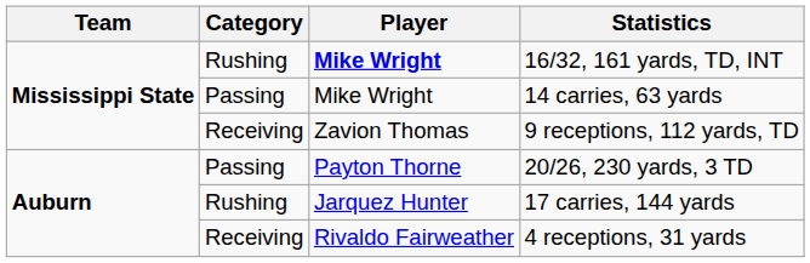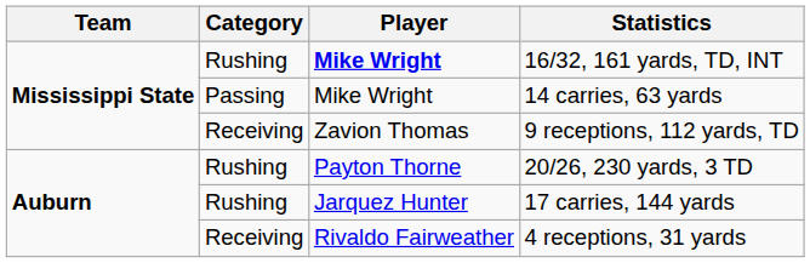 <table class="wikitable" style="float: right;">
 <tr>
 <th>Team</th>
 <th>Category</th>
 <th>Player</th>
 <th>Statistics</th>
 </tr>
 <tr>
 <td rowspan=3><strong>Mississippi State</strong></td>
 <td>Rushing</td>
 <td><strong><a href='#'>Mike Wright</a></strong></td>
 <td>16/32, 161 yards, TD, INT</td>
 </tr>
 <tr>
 <td>Passing</td>
 <td>Mike Wright</td>
 <td>14 carries, 63 yards</td>
 </tr>
 <tr>
 <td>Receiving</td>
 <td>Zavion Thomas</td>
 <td>9 receptions, 112 yards, TD</td>
 </tr>
 <tr>
 <td rowspan=3><strong>Auburn</strong></td>
-<td>Passing</td>
+<td>Rushing</td>
 <td><a href='#'>Payton Thorne</a></td>
 <td>20/26, 230 yards, 3 TD</td>
 </tr>
 <tr>
 <td>Rushing</td>
 <td><a href='#'>Jarquez Hunter</a></td>
 <td>17 carries, 144 yards</td>
 </tr>
 <tr>
 <td>Receiving</td>
 <td><a href='#'>Rivaldo Fairweather</a></td>
 <td>4 receptions, 31 yards</td>
 </tr>
 </table>
